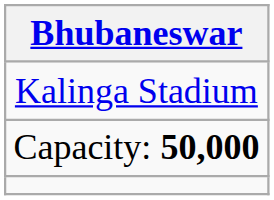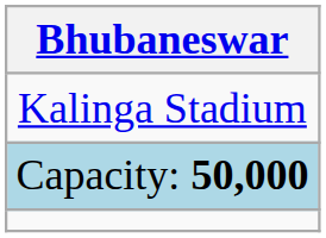 <table class="wikitable" style="text-align:center">
 <tr>
 <th><a href='#'>Bhubaneswar</a></th>
 </tr>
 <tr>
 <td><a href='#'>Kalinga Stadium</a></td>
 </tr>
 <tr>
-<td>Capacity: <strong>50,000</strong></td>
+<td style="background: lightblue;">Capacity: <strong>50,000</strong></td>
 </tr>
 <tr>
 <td></td>
 </tr>
 </table>
